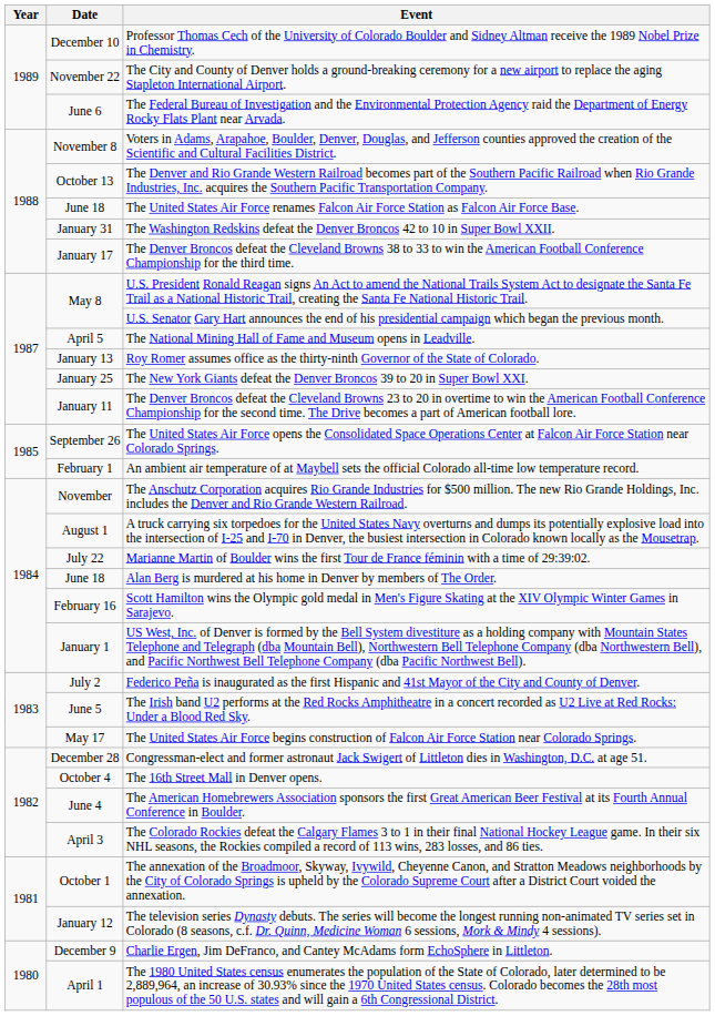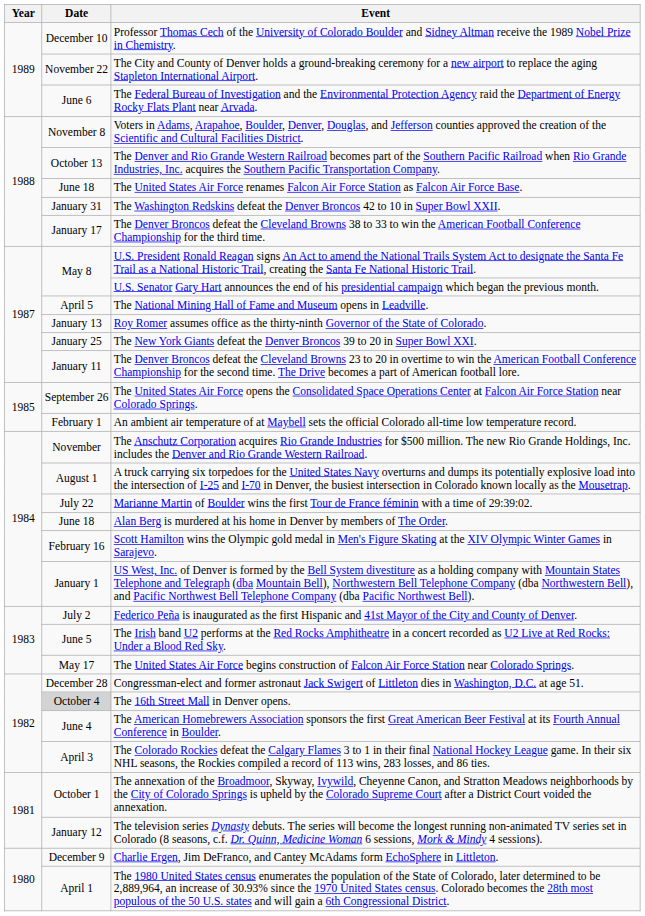 <table class="wikitable" style="width:100%;">
 <tr>
 <th style="width:6%">Year</th>
 <th style="width:8%">Date</th>
 <th style="width:86%">Event</th>
 </tr>
 <tr>
 <td align=center rowspan=3>1989</td>
 <td align=center>December 10</td>
 <td>Professor <a href='#'>Thomas Cech</a> of the <a href='#'>University of Colorado Boulder</a> and <a href='#'>Sidney Altman</a> receive the 1989 <a href='#'>Nobel Prize in Chemistry</a>.</td>
 </tr>
 <tr>
 <td align=center>November 22</td>
 <td>The City and County of Denver holds a ground-breaking ceremony for a <a href='#'>new airport</a> to replace the aging <a href='#'>Stapleton International Airport</a>.</td>
 </tr>
 <tr>
 <td align=center>June 6</td>
 <td>The <a href='#'>Federal Bureau of Investigation</a> and the <a href='#'>Environmental Protection Agency</a> raid the <a href='#'>Department of Energy</a> <a href='#'>Rocky Flats Plant</a> near <a href='#'>Arvada</a>.</td>
 </tr>
 <tr>
 <td align=center rowspan=5>1988</td>
 <td align=center>November 8</td>
 <td>Voters in <a href='#'>Adams</a>, <a href='#'>Arapahoe</a>, <a href='#'>Boulder</a>, <a href='#'>Denver</a>, <a href='#'>Douglas</a>, and <a href='#'>Jefferson</a> counties approved the creation of the <a href='#'>Scientific and Cultural Facilities District</a>.</td>
 </tr>
 <tr>
 <td align=center>October 13</td>
 <td>The <a href='#'>Denver and Rio Grande Western Railroad</a> becomes part of the <a href='#'>Southern Pacific Railroad</a> when <a href='#'>Rio Grande Industries, Inc.</a> acquires the <a href='#'>Southern Pacific Transportation Company</a>.</td>
 </tr>
 <tr>
 <td align=center>June 18</td>
 <td>The <a href='#'>United States Air Force</a> renames <a href='#'>Falcon Air Force Station</a> as <a href='#'>Falcon Air Force Base</a>.</td>
 </tr>
 <tr>
 <td align=center>January 31</td>
 <td>The <a href='#'>Washington Redskins</a> defeat the <a href='#'>Denver Broncos</a> 42 to 10 in <a href='#'>Super Bowl XXII</a>.</td>
 </tr>
 <tr>
 <td align=center>January 17</td>
 <td>The <a href='#'>Denver Broncos</a> defeat the <a href='#'>Cleveland Browns</a> 38 to 33 to win the <a href='#'>American Football Conference Championship</a> for the third time.</td>
 </tr>
 <tr>
 <td align=center rowspan=6>1987</td>
 <td align=center rowspan=2>May 8</td>
 <td><a href='#'>U.S. President</a> <a href='#'>Ronald Reagan</a> signs <a href='#'>An Act to amend the National Trails System Act to designate the Santa Fe Trail as a National Historic Trail</a>, creating the <a href='#'>Santa Fe National Historic Trail</a>.</td>
 </tr>
 <tr>
 <td><a href='#'>U.S. Senator</a> <a href='#'>Gary Hart</a> announces the end of his <a href='#'>presidential campaign</a> which began the previous month.</td>
 </tr>
 <tr>
 <td align=center>April 5</td>
 <td>The <a href='#'>National Mining Hall of Fame and Museum</a> opens in <a href='#'>Leadville</a>.</td>
 </tr>
 <tr>
 <td align=center>January 13</td>
 <td><a href='#'>Roy Romer</a> assumes office as the thirty-ninth <a href='#'>Governor of the State of Colorado</a>.</td>
 </tr>
 <tr>
 <td align=center>January 25</td>
 <td>The <a href='#'>New York Giants</a> defeat the <a href='#'>Denver Broncos</a> 39 to 20 in <a href='#'>Super Bowl XXI</a>.</td>
 </tr>
 <tr>
 <td align=center>January 11</td>
 <td>The <a href='#'>Denver Broncos</a> defeat the <a href='#'>Cleveland Browns</a> 23 to 20 in overtime to win the <a href='#'>American Football Conference Championship</a> for the second time. <a href='#'>The Drive</a> becomes a part of American football lore.</td>
 </tr>
 <tr>
 <td align=center rowspan=2>1985</td>
 <td align=center>September 26</td>
 <td>The <a href='#'>United States Air Force</a> opens the <a href='#'>Consolidated Space Operations Center</a> at <a href='#'>Falcon Air Force Station</a> near <a href='#'>Colorado Springs</a>.</td>
 </tr>
 <tr>
 <td align=center>February 1</td>
 <td>An ambient air temperature of  at <a href='#'>Maybell</a> sets the official Colorado all-time low temperature record.</td>
 </tr>
 <tr>
 <td align=center rowspan=6>1984</td>
 <td align=center>November</td>
 <td>The <a href='#'>Anschutz Corporation</a> acquires <a href='#'>Rio Grande Industries</a> for $500 million. The new Rio Grande Holdings, Inc. includes the <a href='#'>Denver and Rio Grande Western Railroad</a>.</td>
 </tr>
 <tr>
 <td align=center>August 1</td>
 <td>A truck carrying six torpedoes for the <a href='#'>United States Navy</a> overturns and dumps its potentially explosive load into the intersection of <a href='#'>I-25</a> and <a href='#'>I-70</a> in Denver, the busiest intersection in Colorado known locally as the <a href='#'>Mousetrap</a>.</td>
 </tr>
 <tr>
 <td align=center>July 22</td>
 <td><a href='#'>Marianne Martin</a> of <a href='#'>Boulder</a>  wins the first <a href='#'>Tour de France féminin</a> with a time of 29:39:02.</td>
 </tr>
 <tr>
 <td align=center>June 18</td>
 <td><a href='#'>Alan Berg</a> is murdered at his home in Denver by members of <a href='#'>The Order</a>.</td>
 </tr>
 <tr>
 <td align=center>February 16</td>
 <td><a href='#'>Scott Hamilton</a> wins the Olympic gold medal in <a href='#'>Men's Figure Skating</a> at the <a href='#'>XIV Olympic Winter Games</a> in <a href='#'>Sarajevo</a>.</td>
 </tr>
 <tr>
 <td align=center>January 1</td>
 <td><a href='#'>US West, Inc.</a> of Denver is formed by the <a href='#'>Bell System divestiture</a> as a holding company with <a href='#'>Mountain States Telephone and Telegraph</a> (<a href='#'>dba</a> <a href='#'>Mountain Bell</a>), <a href='#'>Northwestern Bell Telephone Company</a> (dba <a href='#'>Northwestern Bell</a>), and <a href='#'>Pacific Northwest Bell Telephone Company</a> (dba <a href='#'>Pacific Northwest Bell</a>).</td>
 </tr>
 <tr>
 <td align=center rowspan=3>1983</td>
 <td align=center>July 2</td>
 <td><a href='#'>Federico Peña</a> is inaugurated as the first Hispanic and <a href='#'>41st Mayor of the City and County of Denver</a>.</td>
 </tr>
 <tr>
 <td align=center>June 5</td>
 <td>The <a href='#'>Irish</a> band <a href='#'>U2</a> performs at the <a href='#'>Red Rocks Amphitheatre</a> in a concert recorded as <a href='#'>U2 Live at Red Rocks: Under a Blood Red Sky</a>.</td>
 </tr>
 <tr>
 <td align=center>May 17</td>
 <td>The <a href='#'>United States Air Force</a> begins construction of <a href='#'>Falcon Air Force Station</a> near <a href='#'>Colorado Springs</a>.</td>
 </tr>
 <tr>
 <td align=center rowspan=4>1982</td>
 <td align=center>December 28</td>
 <td>Congressman-elect and former astronaut <a href='#'>Jack Swigert</a> of <a href='#'>Littleton</a> dies in <a href='#'>Washington, D.C.</a> at age 51.</td>
 </tr>
 <tr>
-<td align=center>October 4</td>
+<td align=center style="background: lightgrey;">October 4</td>
 <td>The <a href='#'>16th Street Mall</a> in Denver opens.</td>
 </tr>
 <tr>
 <td align=center>June 4</td>
 <td>The <a href='#'>American Homebrewers Association</a> sponsors the first <a href='#'>Great American Beer Festival</a> at its <a href='#'>Fourth Annual Conference</a> in <a href='#'>Boulder</a>.</td>
 </tr>
 <tr>
 <td align=center>April 3</td>
 <td>The <a href='#'>Colorado Rockies</a> defeat the <a href='#'>Calgary Flames</a> 3 to 1 in their final <a href='#'>National Hockey League</a> game. In their six NHL seasons, the Rockies compiled a record of 113 wins, 283 losses, and 86 ties.</td>
 </tr>
 <tr>
 <td align=center rowspan=2>1981</td>
 <td align=center>October 1</td>
 <td>The annexation of the <a href='#'>Broadmoor</a>, Skyway, <a href='#'>Ivywild</a>, Cheyenne Canon, and Stratton Meadows neighborhoods by the <a href='#'>City of Colorado Springs</a> is upheld by the <a href='#'>Colorado Supreme Court</a> after a District Court voided the annexation.</td>
 </tr>
 <tr>
 <td align=center>January 12</td>
 <td>The television series <a href='#'><em>Dynasty</em></a> debuts. The series will become the longest running non-animated TV series set in Colorado (8 seasons, c.f. <em><a href='#'>Dr. Quinn, Medicine Woman</a></em> 6 sessions, <em><a href='#'>Mork & Mindy</a></em> 4 sessions).</td>
 </tr>
 <tr>
 <td align=center rowspan=2>1980</td>
 <td align=center>December 9</td>
 <td><a href='#'>Charlie Ergen</a>, Jim DeFranco, and Cantey McAdams form <a href='#'>EchoSphere</a> in <a href='#'>Littleton</a>.</td>
 </tr>
 <tr>
 <td align=center>April 1</td>
 <td>The <a href='#'>1980 United States census</a> enumerates the population of the State of Colorado, later determined to be 2,889,964, an increase of 30.93% since the <a href='#'>1970 United States census</a>. Colorado becomes the <a href='#'>28th most populous of the 50 U.S. states</a> and will gain a <a href='#'>6th Congressional District</a>.</td>
 </tr>
 </table>
